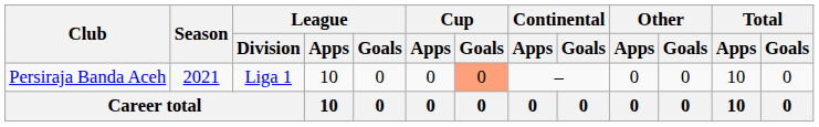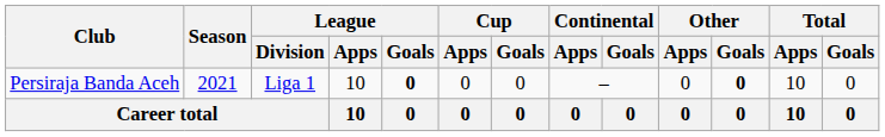 <table class="wikitable" style="text-align: center">
 <tr>
 <th rowspan="2">Club</th>
 <th rowspan="2">Season</th>
 <th colspan="3">League</th>
 <th colspan="2">Cup</th>
 <th colspan="2">Continental</th>
 <th colspan="2">Other</th>
 <th colspan="2">Total</th>
 </tr>
 <tr>
 <th>Division</th>
 <th>Apps</th>
 <th>Goals</th>
 <th>Apps</th>
 <th>Goals</th>
 <th>Apps</th>
 <th>Goals</th>
 <th>Apps</th>
 <th>Goals</th>
 <th>Apps</th>
 <th>Goals</th>
 </tr>
 <tr>
 <td rowspan="1"><a href='#'>Persiraja Banda Aceh</a></td>
 <td><a href='#'>2021</a></td>
 <td rowspan="1" valign="center"><a href='#'>Liga 1</a></td>
 <td>10</td>
+<td><strong>0</strong></td>
 <td>0</td>
 <td>0</td>
-<td style="background: lightsalmon;">0</td>
 <td colspan="2">–</td>
 <td>0</td>
-<td>0</td>
+<td><strong>0</strong></td>
 <td>10</td>
 <td>0</td>
 </tr>
 <tr>
 <th colspan=3>Career total</th>
 <th>10</th>
 <th>0</th>
 <th>0</th>
 <th>0</th>
 <th>0</th>
 <th>0</th>
 <th>0</th>
 <th>0</th>
 <th>10</th>
 <th>0</th>
 </tr>
 </table>
